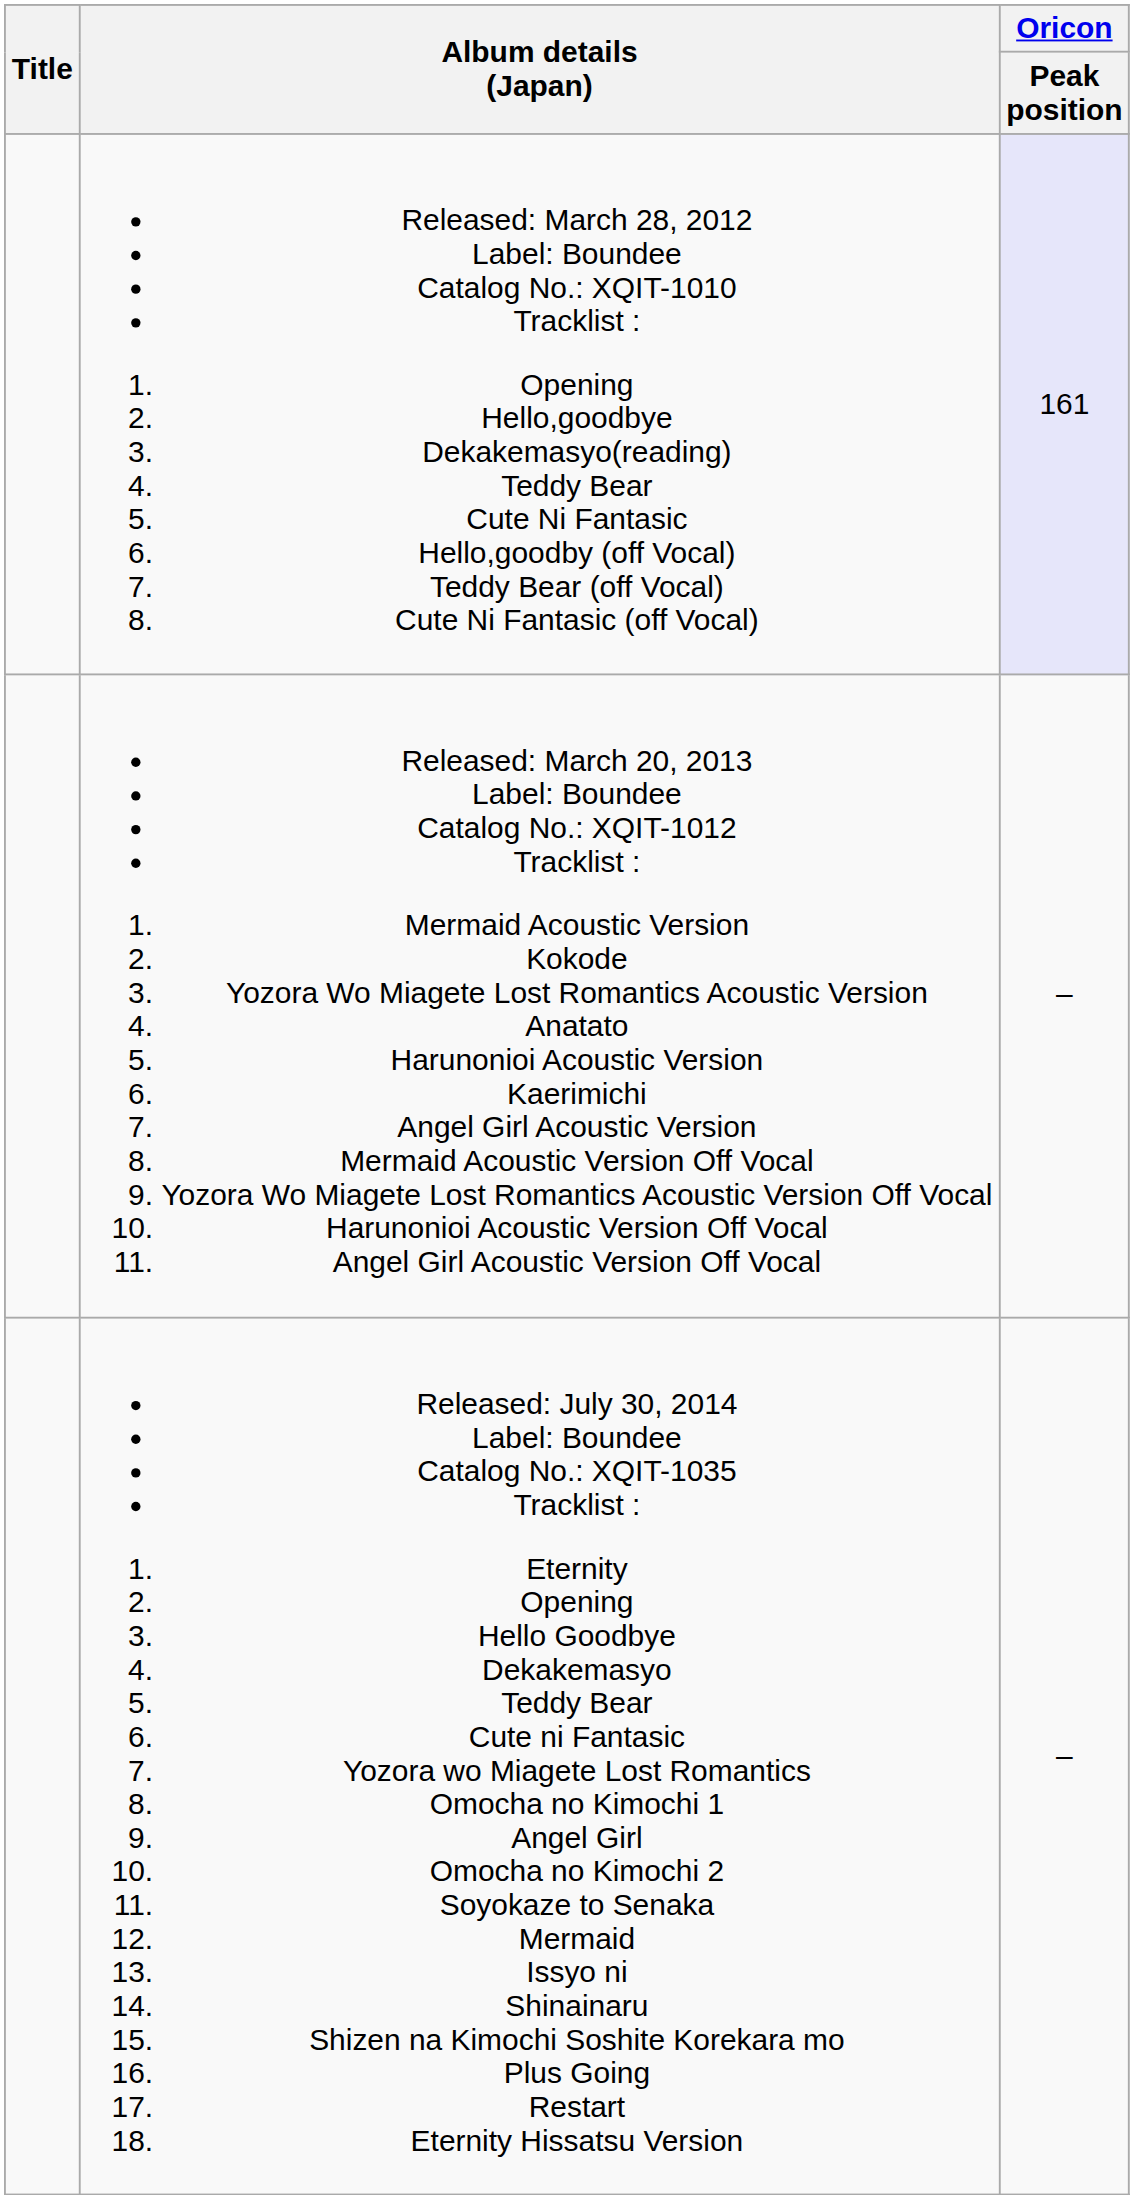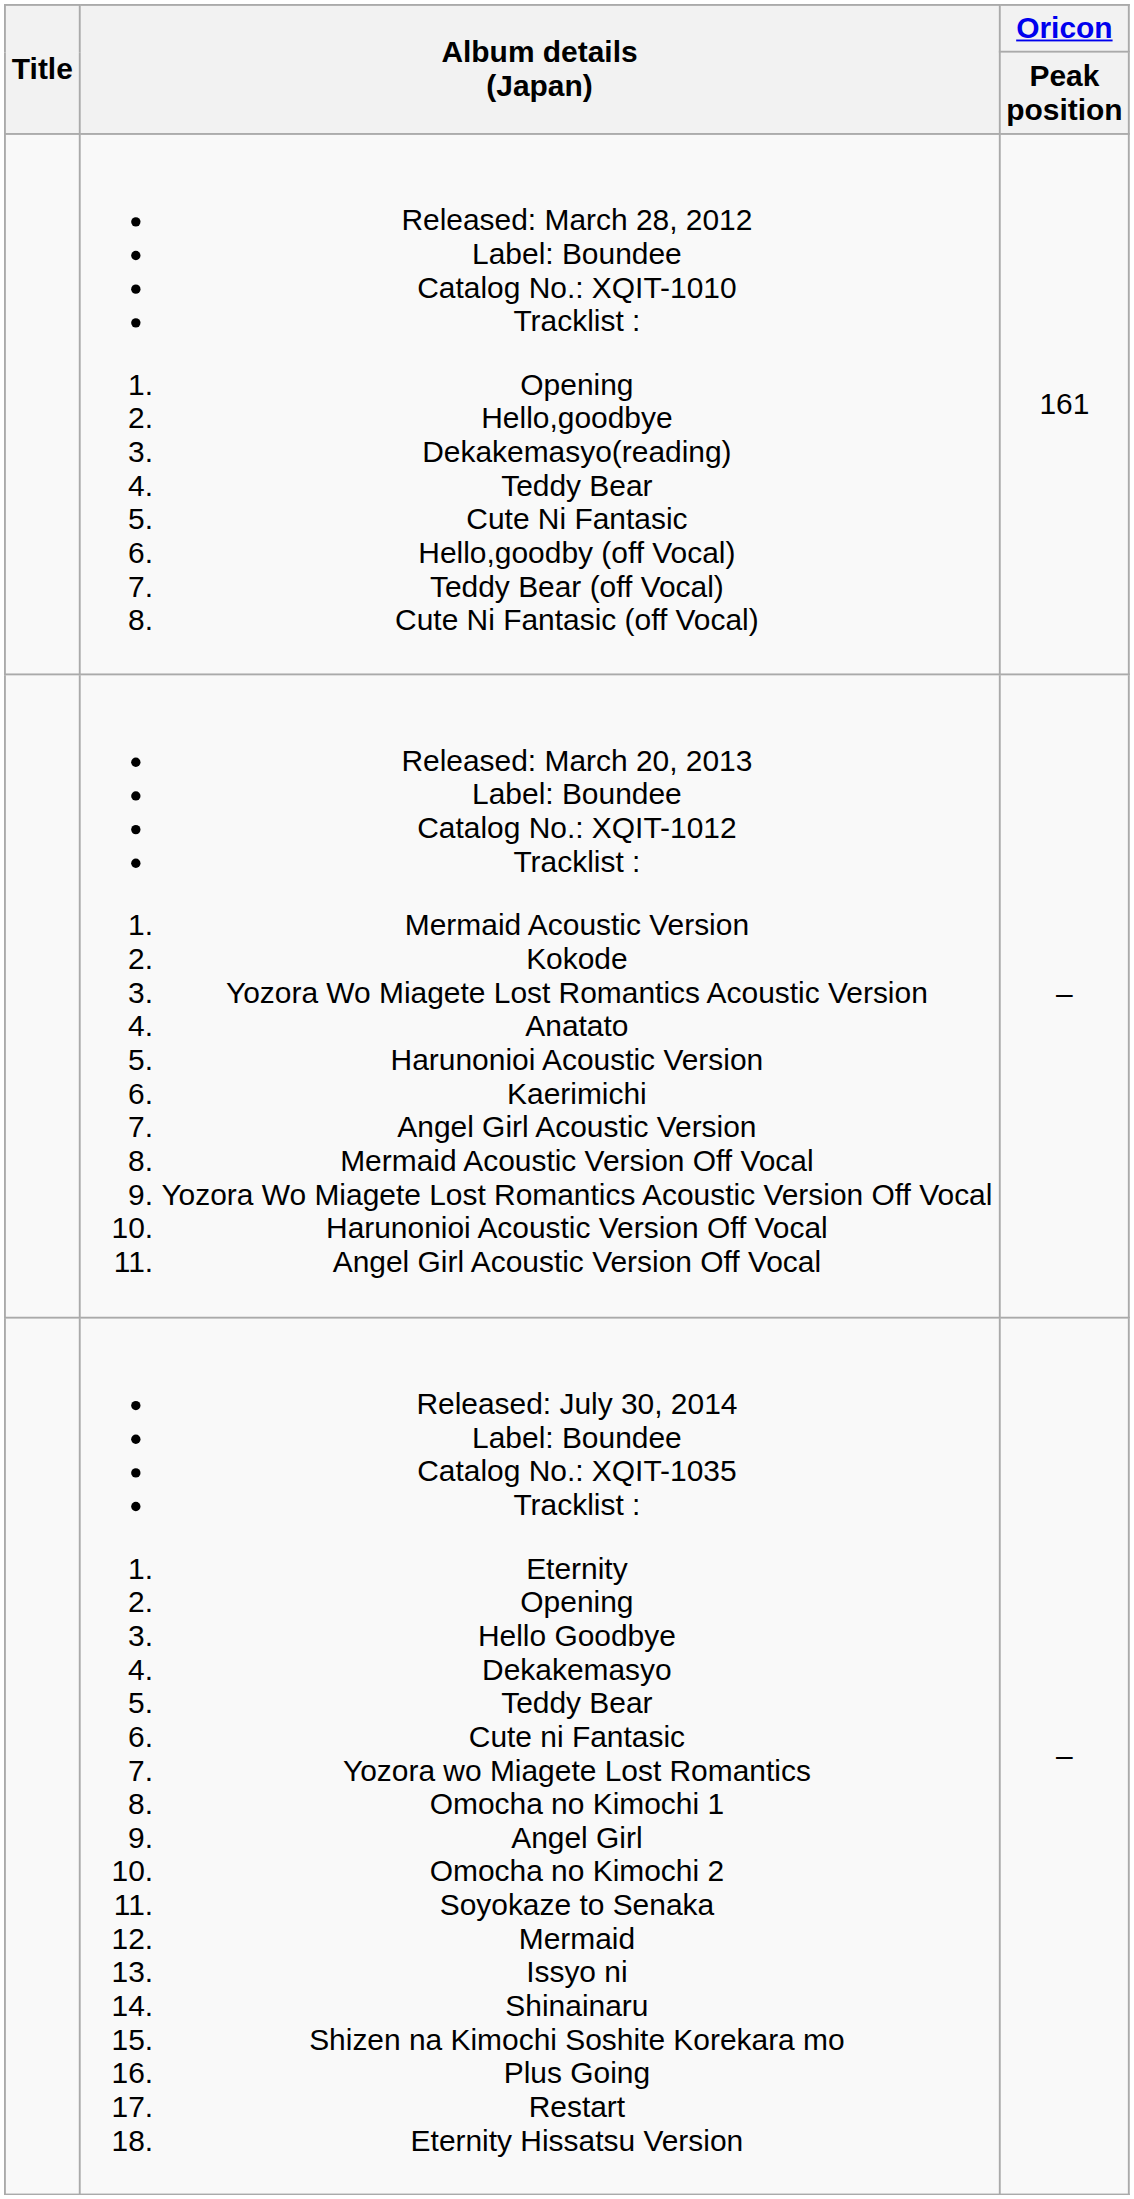 <table class="wikitable plainrowheaders" style="text-align:center">
 <tr>
 <th rowspan=2; style=>Title</th>
 <th rowspan=2;>Album details<br>(Japan)</th>
 <th colspan=1; style=><a href='#'>Oricon</a><br></th>
 </tr>
 <tr>
 <th style=>Peak<br>position</th>
 </tr>
 <tr>
 <td align=left><em></em></td>
 <td><br><ul><li>Released: March 28, 2012</li><li>Label: Boundee</li><li>Catalog No.: XQIT-1010</li><li>Tracklist :</li></ul><ol><li>Opening</li><li>Hello,goodbye</li><li>Dekakemasyo(reading)</li><li>Teddy Bear</li><li>Cute Ni Fantasic</li><li>Hello,goodby (off Vocal)</li><li>Teddy Bear (off Vocal)</li><li>Cute Ni Fantasic (off Vocal)</li></ol></td>
-<td style="background: lavender;">161</td>
+<td>161</td>
 </tr>
 <tr>
 <td align=left><em></em></td>
 <td><br><ul><li>Released: March 20, 2013</li><li>Label: Boundee</li><li>Catalog No.: XQIT-1012</li><li>Tracklist :</li></ul><ol><li>Mermaid Acoustic Version</li><li>Kokode</li><li>Yozora Wo Miagete Lost Romantics Acoustic Version</li><li>Anatato</li><li>Harunonioi Acoustic Version</li><li>Kaerimichi</li><li>Angel Girl Acoustic Version</li><li>Mermaid Acoustic Version Off Vocal</li><li>Yozora Wo Miagete Lost Romantics Acoustic Version Off Vocal</li><li>Harunonioi Acoustic Version Off Vocal</li><li>Angel Girl Acoustic Version Off Vocal</li></ol></td>
 <td>–</td>
 </tr>
 <tr>
 <td align=left><em></em></td>
 <td><br><ul><li>Released: July 30, 2014</li><li>Label: Boundee</li><li>Catalog No.: XQIT-1035</li><li>Tracklist :</li></ul><ol><li>Eternity</li><li>Opening</li><li>Hello Goodbye</li><li>Dekakemasyo</li><li>Teddy Bear</li><li>Cute ni Fantasic</li><li>Yozora wo Miagete Lost Romantics</li><li>Omocha no Kimochi 1</li><li>Angel Girl</li><li>Omocha no Kimochi 2</li><li>Soyokaze to Senaka</li><li>Mermaid</li><li>Issyo ni</li><li>Shinainaru</li><li>Shizen na Kimochi Soshite Korekara mo</li><li>Plus Going</li><li>Restart</li><li>Eternity Hissatsu Version</li></ol></td>
 <td>–</td>
 </tr>
 <tr>
 </tr>
 </table>
